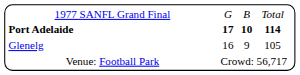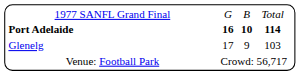 <table style="margin-right:4px; margin-left:4px; margin-top:8px; float:right; border:1px #000 solid; border-radius:8px; background:#fff; font-family:Verdana; font-size:8pt; text-align:center;">
 <tr>
 <td width=200><a href='#'>1977 SANFL Grand Final</a></td>
 <td><em>G</em></td>
 <td><em>B</em></td>
 <td><em>Total</em></td>
 </tr>
 <tr>
 <td style="text-align:left"><strong>Port Adelaide</strong></td>
-<td><strong>17</strong></td>
+<td><strong>16</strong></td>
 <td><strong>10</strong></td>
 <td><strong>114</strong></td>
 </tr>
 <tr>
 <td style="text-align:left"><a href='#'>Glenelg</a></td>
-<td>16</td>
+<td>17</td>
 <td>9</td>
-<td>105</td>
+<td>103</td>
 </tr>
 <tr>
 <td>Venue: <a href='#'>Football Park</a></td>
 <td colspan=3>Crowd: 56,717</td>
 <td colspan=3></td>
 </tr>
 </table>
